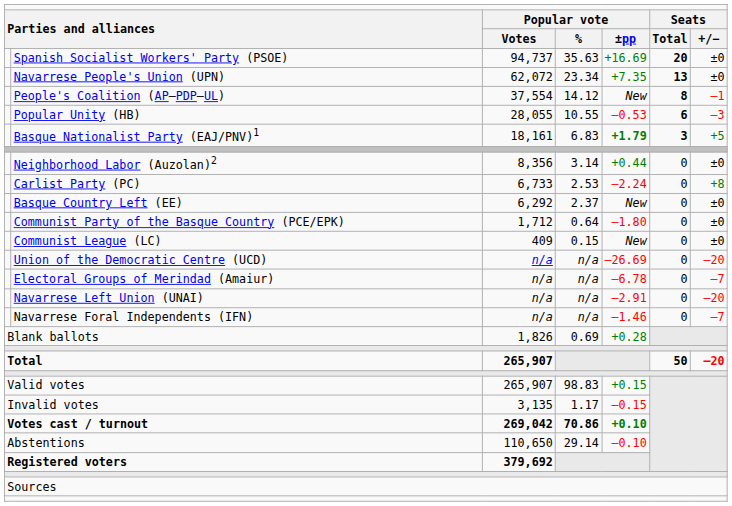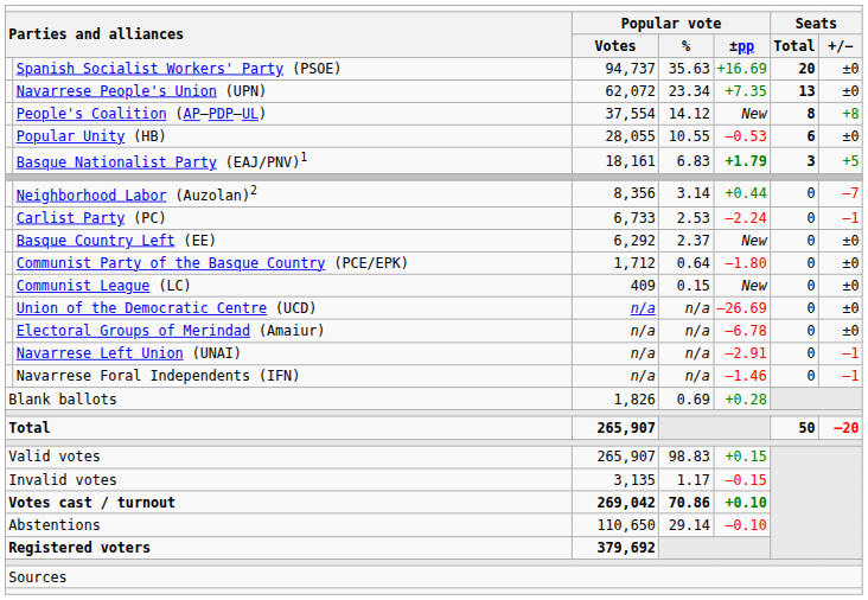 <table class="wikitable" style="text-align:right;">
 <tr>
 <td colspan="7"></td>
 </tr>
 <tr>
 <th style="text-align:left;" rowspan="2" colspan="2" width="525">Parties and alliances</th>
 <th colspan="3">Popular vote</th>
 <th colspan="2">Seats</th>
 </tr>
 <tr>
 <th width="75">Votes</th>
 <th width="45">%</th>
 <th width="45">±<a href='#'>pp</a></th>
 <th width="35">Total</th>
 <th width="35">+/−</th>
 </tr>
 <tr>
 <td width="1" style="color:inherit;background:"></td>
 <td align="left"><a href='#'>Spanish Socialist Workers' Party</a> (PSOE)</td>
 <td>94,737</td>
 <td>35.63</td>
 <td style="color:green;">+16.69</td>
 <td><strong>20</strong></td>
 <td>±0</td>
 </tr>
 <tr>
 <td style="color:inherit;background:"></td>
 <td align="left"><a href='#'>Navarrese People's Union</a> (UPN)</td>
 <td>62,072</td>
 <td>23.34</td>
 <td style="color:green;">+7.35</td>
 <td><strong>13</strong></td>
 <td>±0</td>
 </tr>
 <tr>
 <td style="color:inherit;background:"></td>
 <td align="left"><a href='#'>People's Coalition</a> (<a href='#'>AP</a>–<a href='#'>PDP</a>–<a href='#'>UL</a>)</td>
 <td>37,554</td>
 <td>14.12</td>
 <td><em>New</em></td>
 <td><strong>8</strong></td>
-<td style="color:red;">–1</td>
+<td style="color:green;">+8</td>
 </tr>
 <tr>
 <td style="color:inherit;background:"></td>
 <td align="left"><a href='#'>Popular Unity</a> (HB)</td>
 <td>28,055</td>
 <td>10.55</td>
 <td style="color:red;">–0.53</td>
 <td><strong>6</strong></td>
-<td style="color:red;">–3</td>
+<td>±0</td>
 </tr>
 <tr>
 <td style="color:inherit;background:"></td>
 <td align="left"><a href='#'>Basque Nationalist Party</a> (EAJ/PNV)<sup>1</sup></td>
 <td>18,161</td>
 <td>6.83</td>
 <td style="color:green;"><strong>+1.79</strong></td>
 <td><strong>3</strong></td>
 <td style="color:green;">+5</td>
 </tr>
 <tr>
 <td colspan="7" bgcolor="#C0C0C0"></td>
 </tr>
 <tr>
 <td style="color:inherit;background:"></td>
 <td align="left"><a href='#'>Neighborhood Labor</a> (Auzolan)<sup>2</sup></td>
 <td>8,356</td>
 <td>3.14</td>
 <td style="color:green;">+0.44</td>
 <td>0</td>
-<td>±0</td>
+<td style="color:red;">–7</td>
 </tr>
 <tr>
 <td style="color:inherit;background:"></td>
 <td align="left"><a href='#'>Carlist Party</a> (PC)</td>
 <td>6,733</td>
 <td>2.53</td>
 <td style="color:red;">–2.24</td>
 <td>0</td>
-<td style="color:green;">+8</td>
+<td style="color:red;">–1</td>
 </tr>
 <tr>
 <td style="color:inherit;background:"></td>
 <td align="left"><a href='#'>Basque Country Left</a> (EE)</td>
 <td>6,292</td>
 <td>2.37</td>
 <td><em>New</em></td>
 <td>0</td>
 <td>±0</td>
 </tr>
 <tr>
 <td style="color:inherit;background:"></td>
 <td align="left"><a href='#'>Communist Party of the Basque Country</a> (PCE/EPK)</td>
 <td>1,712</td>
 <td>0.64</td>
 <td style="color:red;">–1.80</td>
 <td>0</td>
 <td>±0</td>
 </tr>
 <tr>
 <td style="color:inherit;background:"></td>
 <td align="left"><a href='#'>Communist League</a> (LC)</td>
 <td>409</td>
 <td>0.15</td>
 <td><em>New</em></td>
 <td>0</td>
 <td>±0</td>
 </tr>
 <tr>
 <td style="color:inherit;background:"></td>
 <td align="left"><a href='#'>Union of the Democratic Centre</a> (UCD)</td>
 <td><em><a href='#'>n/a</a></em></td>
 <td><em>n/a</em></td>
 <td style="color:red;">–26.69</td>
 <td>0</td>
-<td style="color:red;">–20</td>
+<td>±0</td>
 </tr>
 <tr>
 <td style="color:inherit;background:"></td>
 <td align="left"><a href='#'>Electoral Groups of Merindad</a> (Amaiur)</td>
 <td><em>n/a</em></td>
 <td><em>n/a</em></td>
 <td style="color:red;">–6.78</td>
 <td>0</td>
-<td style="color:red;">–7</td>
+<td>±0</td>
 </tr>
 <tr>
 <td style="color:inherit;background:"></td>
 <td align="left"><a href='#'>Navarrese Left Union</a> (UNAI)</td>
 <td><em>n/a</em></td>
 <td><em>n/a</em></td>
 <td style="color:red;">–2.91</td>
 <td>0</td>
-<td style="color:red;">–20</td>
+<td style="color:red;">–1</td>
 </tr>
 <tr>
 <td style="color:inherit;background:"></td>
 <td align="left">Navarrese Foral Independents (IFN)</td>
 <td><em>n/a</em></td>
 <td><em>n/a</em></td>
 <td style="color:red;">–1.46</td>
 <td>0</td>
-<td style="color:red;">–7</td>
+<td style="color:red;">–1</td>
 </tr>
 <tr>
 <td align="left" colspan="2">Blank ballots</td>
 <td>1,826</td>
 <td>0.69</td>
 <td style="color:green;">+0.28</td>
 <td bgcolor="#E9E9E9" colspan="2"></td>
 </tr>
 <tr>
 <td colspan="7" bgcolor="#E9E9E9"></td>
 </tr>
 <tr style="font-weight:bold;">
 <td align="left" colspan="2">Total</td>
 <td>265,907</td>
 <td bgcolor="#E9E9E9" colspan="2"></td>
 <td>50</td>
 <td style="color:red;">–20</td>
 </tr>
 <tr>
 <td colspan="7" bgcolor="#E9E9E9"></td>
 </tr>
 <tr>
 <td align="left" colspan="2">Valid votes</td>
 <td>265,907</td>
 <td>98.83</td>
 <td style="color:green;">+0.15</td>
 <td bgcolor="#E9E9E9" colspan="2" rowspan="5"></td>
 </tr>
 <tr>
 <td align="left" colspan="2">Invalid votes</td>
 <td>3,135</td>
 <td>1.17</td>
 <td style="color:red;">–0.15</td>
 </tr>
 <tr style="font-weight:bold;">
 <td align="left" colspan="2">Votes cast / turnout</td>
 <td>269,042</td>
 <td>70.86</td>
 <td style="color:green;">+0.10</td>
 </tr>
 <tr>
 <td align="left" colspan="2">Abstentions</td>
 <td>110,650</td>
 <td>29.14</td>
 <td style="color:red;">–0.10</td>
 </tr>
 <tr style="font-weight:bold;">
 <td align="left" colspan="2">Registered voters</td>
 <td>379,692</td>
 <td bgcolor="#E9E9E9" colspan="2"></td>
 </tr>
 <tr>
 <td colspan="7" bgcolor="#E9E9E9"></td>
 </tr>
 <tr>
 <td align="left" colspan="7">Sources</td>
 </tr>
 <tr>
 <td colspan="7" style="text-align:left; max-width:790px;"></td>
 </tr>
 </table>
